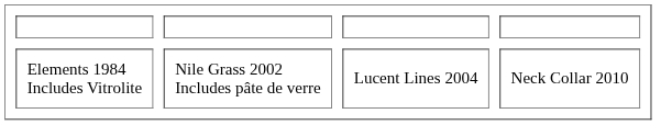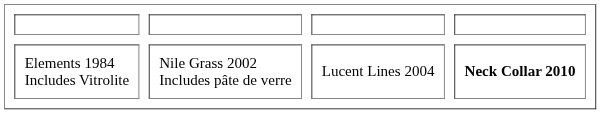 <table border="1" cellpadding="10" cellspacing="10">
 <tr>
 <td></td>
 <td></td>
 <td></td>
 <td></td>
 </tr>
 <tr>
 <td>Elements <span>1984<br>Includes Vitrolite</span></td>
 <td>Nile Grass <span> 2002<br>Includes pâte de verre </span></td>
 <td>Lucent Lines<span> 2004</span></td>
-<td>Neck Collar<span> 2010</span></td>
+<td><strong>Neck Collar<span> 2010</span></strong></td>
 </tr>
 </table>
